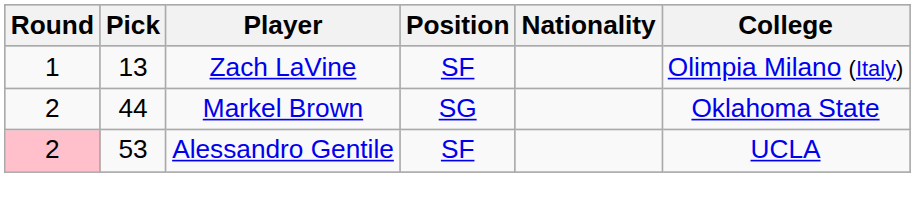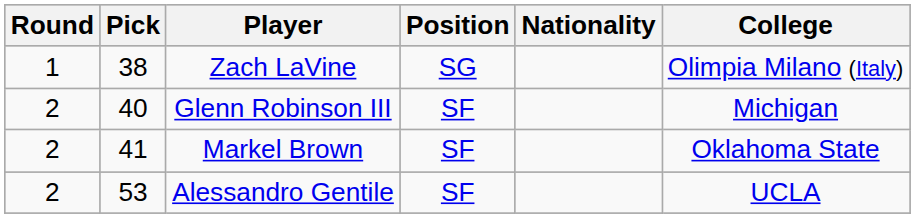 <table class="wikitable sortable sortable">
 <tr>
 <th>Round</th>
 <th>Pick</th>
 <th>Player</th>
 <th>Position</th>
 <th>Nationality</th>
 <th>College</th>
 </tr>
 <tr style="text-align: center">
 <td>1</td>
-<td>13</td>
+<td>38</td>
 <td><a href='#'>Zach LaVine</a></td>
-<td><a href='#'>SF</a></td>
+<td><a href='#'>SG</a></td>
 <td></td>
 <td><a href='#'>Olimpia Milano</a> <small>(<a href='#'>Italy</a>)</small></td>
 </tr>
 <tr style="text-align: center">
 <td>2</td>
-<td>44</td>
+<td>40</td>
+<td><a href='#'>Glenn Robinson III</a></td>
+<td><a href='#'>SF</a></td>
+<td></td>
+<td><a href='#'>Michigan</a></td>
+</tr>
+<tr style="text-align: center">
+<td>2</td>
+<td>41</td>
 <td><a href='#'>Markel Brown</a></td>
-<td><a href='#'>SG</a></td>
+<td><a href='#'>SF</a></td>
 <td></td>
 <td><a href='#'>Oklahoma State</a></td>
 </tr>
 <tr style="text-align: center">
-<td style="background: pink;">2</td>
+<td>2</td>
 <td>53</td>
 <td><a href='#'>Alessandro Gentile</a></td>
 <td><a href='#'>SF</a></td>
 <td></td>
 <td><a href='#'>UCLA</a></td>
 </tr>
 </table>
